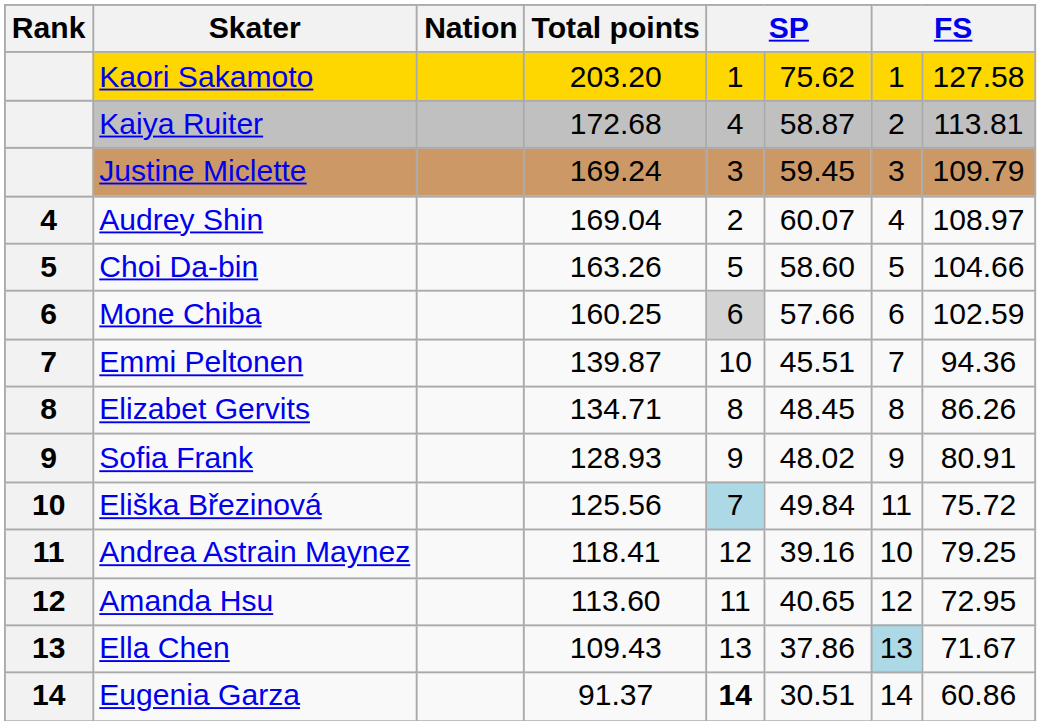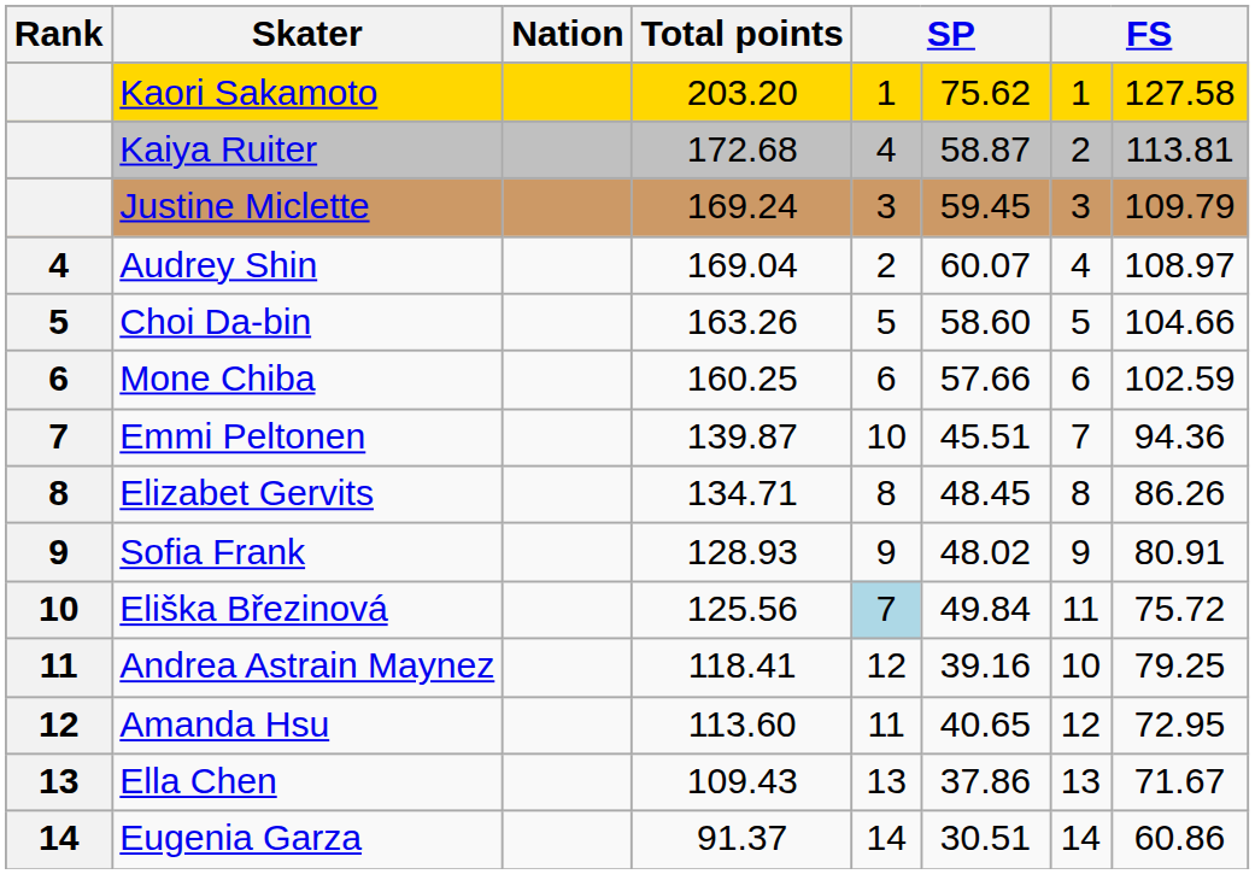 <table class="wikitable sortable" style="text-align:left">
 <tr>
 <th scope="col">Rank</th>
 <th scope="col">Skater</th>
 <th scope="col">Nation</th>
 <th scope="col">Total points</th>
 <th scope="col" colspan="2" width="80px"><a href='#'>SP</a></th>
 <th scope="col" colspan="2" width="80px"><a href='#'>FS</a></th>
 </tr>
 <tr bgcolor="gold">
 <th scope="row"></th>
 <td><a href='#'>Kaori Sakamoto</a></td>
 <td></td>
 <td align="center">203.20</td>
 <td align="center">1</td>
 <td align="center">75.62</td>
 <td align="center">1</td>
 <td align="center">127.58</td>
 </tr>
 <tr bgcolor="silver">
 <th scope="row"></th>
 <td><a href='#'>Kaiya Ruiter</a></td>
 <td></td>
 <td align="center">172.68</td>
 <td align="center">4</td>
 <td align="center">58.87</td>
 <td align="center">2</td>
 <td align="center">113.81</td>
 </tr>
 <tr bgcolor="cc9966">
 <th scope="row"></th>
 <td><a href='#'>Justine Miclette</a></td>
 <td></td>
 <td align="center">169.24</td>
 <td align="center">3</td>
 <td align="center">59.45</td>
 <td align="center">3</td>
 <td align="center">109.79</td>
 </tr>
 <tr>
 <th scope="row">4</th>
 <td><a href='#'>Audrey Shin</a></td>
 <td></td>
 <td align="center">169.04</td>
 <td align="center">2</td>
 <td align="center">60.07</td>
 <td align="center">4</td>
 <td align="center">108.97</td>
 </tr>
 <tr>
 <th scope="row">5</th>
 <td><a href='#'>Choi Da-bin</a></td>
 <td></td>
 <td align="center">163.26</td>
 <td align="center">5</td>
 <td align="center">58.60</td>
 <td align="center">5</td>
 <td align="center">104.66</td>
 </tr>
 <tr>
 <th scope="row">6</th>
 <td><a href='#'>Mone Chiba</a></td>
 <td></td>
 <td align="center">160.25</td>
-<td align="center" style="background: lightgrey;">6</td>
+<td align="center">6</td>
 <td align="center">57.66</td>
 <td align="center">6</td>
 <td align="center">102.59</td>
 </tr>
 <tr>
 <th scope="row">7</th>
 <td><a href='#'>Emmi Peltonen</a></td>
 <td></td>
 <td align="center">139.87</td>
 <td align="center">10</td>
 <td align="center">45.51</td>
 <td align="center">7</td>
 <td align="center">94.36</td>
 </tr>
 <tr>
 <th scope="row">8</th>
 <td><a href='#'>Elizabet Gervits</a></td>
 <td></td>
 <td align="center">134.71</td>
 <td align="center">8</td>
 <td align="center">48.45</td>
 <td align="center">8</td>
 <td align="center">86.26</td>
 </tr>
 <tr>
 <th scope="row">9</th>
 <td><a href='#'>Sofia Frank</a></td>
 <td></td>
 <td align="center">128.93</td>
 <td align="center">9</td>
 <td align="center">48.02</td>
 <td align="center">9</td>
 <td align="center">80.91</td>
 </tr>
 <tr>
 <th scope="row">10</th>
 <td><a href='#'>Eliška Březinová</a></td>
 <td></td>
 <td align="center">125.56</td>
 <td align="center" style="background: lightblue;">7</td>
 <td align="center">49.84</td>
 <td align="center">11</td>
 <td align="center">75.72</td>
 </tr>
 <tr>
 <th scope="row">11</th>
 <td><a href='#'>Andrea Astrain Maynez</a></td>
 <td></td>
 <td align="center">118.41</td>
 <td align="center">12</td>
 <td align="center">39.16</td>
 <td align="center">10</td>
 <td align="center">79.25</td>
 </tr>
 <tr>
 <th scope="row">12</th>
 <td><a href='#'>Amanda Hsu</a></td>
 <td></td>
 <td align="center">113.60</td>
 <td align="center">11</td>
 <td align="center">40.65</td>
 <td align="center">12</td>
 <td align="center">72.95</td>
 </tr>
 <tr>
 <th scope="row">13</th>
 <td><a href='#'>Ella Chen</a></td>
 <td></td>
 <td align="center">109.43</td>
 <td align="center">13</td>
 <td align="center">37.86</td>
-<td align="center" style="background: lightblue;">13</td>
+<td align="center">13</td>
 <td align="center">71.67</td>
 </tr>
 <tr>
 <th scope="row">14</th>
 <td><a href='#'>Eugenia Garza</a></td>
 <td></td>
 <td align="center">91.37</td>
-<td align="center"><strong>14</strong></td>
+<td align="center">14</td>
 <td align="center">30.51</td>
 <td align="center">14</td>
 <td align="center">60.86</td>
 </tr>
 </table>
